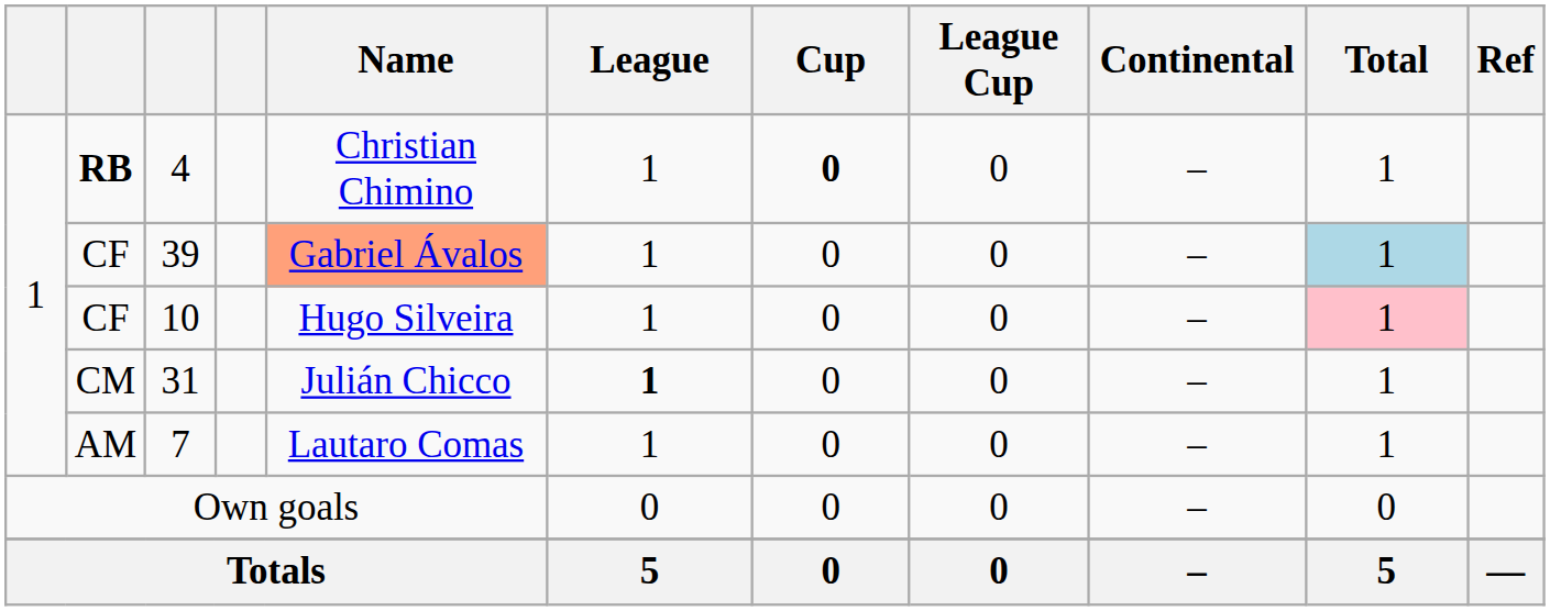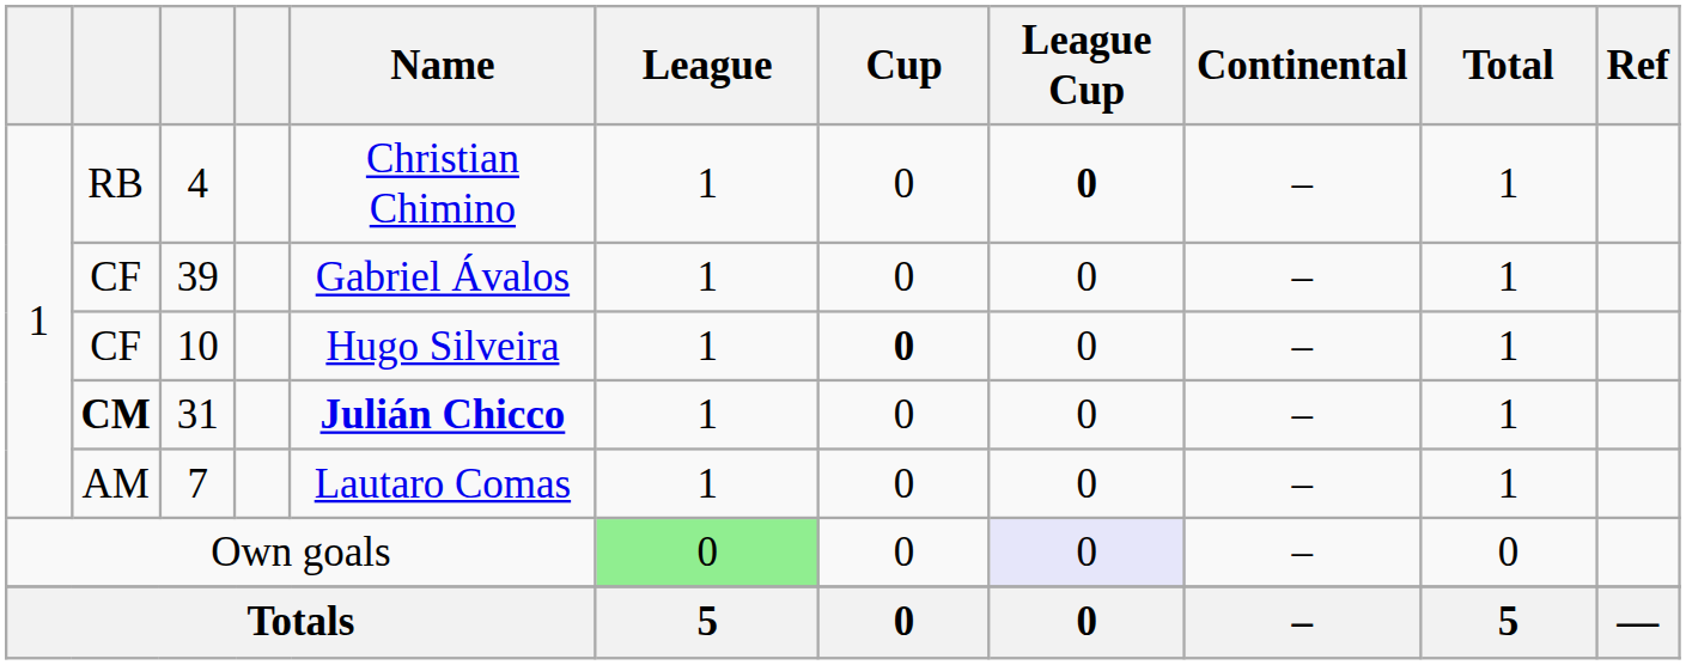 <table class="wikitable sortable" style="font-size: 95%; text-align: center;">
 <tr>
 <th style="width:25px; background:#; color:;"></th>
 <th style="width:25px; background:#; color:;"></th>
 <th style="width:25px; background:#; color:;"></th>
 <th style="width:25px; background:#; color:;"></th>
 <th style="width:150px; background:#; color:;">Name</th>
 <th style="width:100px; background:#; color:;">League</th>
 <th style="width:80px; background:#; color:;">Cup</th>
 <th style="width:80px; background:#; color:;">League Cup</th>
 <th style="width:80px; background:#; color:;">Continental</th>
 <th style="width:80px; background:#; color:;"><strong>Total</strong></th>
 <th style="width:10px; background:#; color:;"><strong>Ref</strong></th>
 </tr>
 <tr>
 <td rowspan=5>1</td>
-<td><strong>RB</strong></td>
+<td>RB</td>
 <td>4</td>
 <td></td>
 <td data-sort-value="Chimino, Christian"><a href='#'>Christian Chimino</a></td>
+<td>1</td>
+<td>0</td>
+<td><strong>0</strong></td>
+<td>–</td>
+<td>1</td>
+<td></td>
+</tr>
+<tr>
+<td>CF</td>
+<td>39</td>
+<td></td>
+<td data-sort-value="Ávalos, Gabriel"><a href='#'>Gabriel Ávalos</a></td>
+<td>1</td>
+<td>0</td>
+<td>0</td>
+<td>–</td>
+<td>1</td>
+<td></td>
+</tr>
+<tr>
+<td>CF</td>
+<td>10</td>
+<td></td>
+<td data-sort-value="Silveira, Hugo"><a href='#'>Hugo Silveira</a></td>
 <td>1</td>
 <td><strong>0</strong></td>
 <td>0</td>
 <td>–</td>
 <td>1</td>
 <td></td>
 </tr>
 <tr>
-<td>CF</td>
-<td>39</td>
-<td></td>
-<td data-sort-value="Ávalos, Gabriel" style="background: lightsalmon;"><a href='#'>Gabriel Ávalos</a></td>
-<td>1</td>
-<td>0</td>
-<td>0</td>
-<td>–</td>
-<td style="background: lightblue;">1</td>
-<td></td>
-</tr>
-<tr>
-<td>CF</td>
-<td>10</td>
-<td></td>
-<td data-sort-value="Silveira, Hugo"><a href='#'>Hugo Silveira</a></td>
-<td>1</td>
-<td>0</td>
-<td>0</td>
-<td>–</td>
-<td style="background: pink;">1</td>
-<td></td>
-</tr>
-<tr>
-<td>CM</td>
+<td><strong>CM</strong></td>
 <td>31</td>
 <td></td>
-<td data-sort-value="Chicco, Julián"><a href='#'>Julián Chicco</a></td>
-<td><strong>1</strong></td>
+<td data-sort-value="Chicco, Julián"><strong><a href='#'>Julián Chicco</a></strong></td>
+<td>1</td>
 <td>0</td>
 <td>0</td>
 <td>–</td>
 <td>1</td>
 <td></td>
 </tr>
 <tr>
 <td>AM</td>
 <td>7</td>
 <td></td>
 <td data-sort-value="Comas, Lautaro"><a href='#'>Lautaro Comas</a></td>
 <td>1</td>
 <td>0</td>
 <td>0</td>
 <td>–</td>
 <td>1</td>
 <td></td>
 </tr>
 <tr>
 <td colspan="5">Own goals</td>
+<td style="background: lightgreen;">0</td>
 <td>0</td>
-<td>0</td>
-<td>0</td>
+<td style="background: lavender;">0</td>
 <td>–</td>
 <td>0</td>
 <td></td>
 </tr>
 <tr>
 </tr>
 <tr class="sortbottom">
 </tr>
 <tr class="sortbottom">
 <th colspan=5><strong>Totals</strong></th>
 <th><strong>5</strong></th>
 <th><strong>0</strong></th>
 <th><strong>0</strong></th>
 <th><strong>–</strong></th>
 <th><strong>5</strong></th>
 <th><strong>—</strong></th>
 </tr>
 </table>
